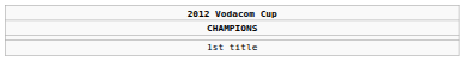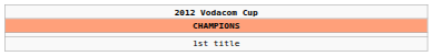 <table class="wikitable" style="text-align: center; margin: 0 auto; width: 40%">
 <tr>
 <td><strong>2012 Vodacom Cup</strong></td>
 </tr>
 <tr>
-<td><strong>CHAMPIONS</strong></td>
+<td style="background: lightsalmon;"><strong>CHAMPIONS</strong></td>
 </tr>
 <tr>
 <td></td>
 </tr>
 <tr>
 <td>1st title</td>
 </tr>
 </table>
